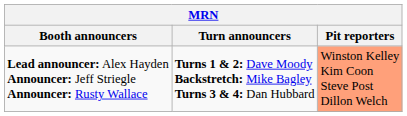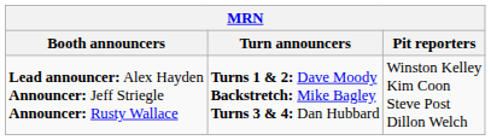 <table class="wikitable" style="font-size: 95%">
 <tr>
 <th colspan="3"><a href='#'>MRN</a></th>
 </tr>
 <tr>
 <th>Booth announcers</th>
 <th>Turn announcers</th>
 <th>Pit reporters</th>
 </tr>
 <tr>
 <td><strong>Lead announcer:</strong> Alex Hayden<br><strong>Announcer:</strong> Jeff Striegle<br><strong>Announcer:</strong> <a href='#'>Rusty Wallace</a></td>
 <td><strong>Turns 1 & 2:</strong> <a href='#'>Dave Moody</a><br><strong>Backstretch:</strong> <a href='#'>Mike Bagley</a><br><strong>Turns 3 & 4:</strong> Dan Hubbard</td>
-<td style="background: lightsalmon;">Winston Kelley<br>Kim Coon<br>Steve Post<br>Dillon Welch</td>
+<td>Winston Kelley<br>Kim Coon<br>Steve Post<br>Dillon Welch</td>
 </tr>
 </table>
